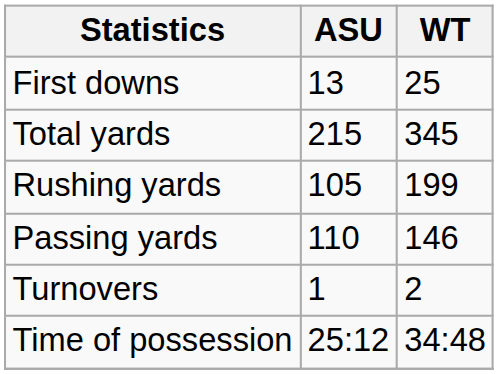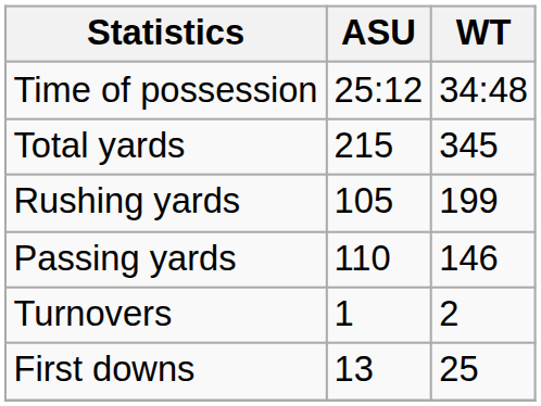 <table class="wikitable" style="float: left;">
 <tr>
 <th>Statistics</th>
 <th>ASU</th>
 <th>WT</th>
 </tr>
 <tr>
-<td>First downs</td>
-<td>13</td>
-<td>25</td>
+<td>Time of possession</td>
+<td>25:12</td>
+<td>34:48</td>
 </tr>
 <tr>
 <td>Total yards</td>
 <td>215</td>
 <td>345</td>
 </tr>
 <tr>
 <td>Rushing yards</td>
 <td>105</td>
 <td>199</td>
 </tr>
 <tr>
 <td>Passing yards</td>
 <td>110</td>
 <td>146</td>
 </tr>
 <tr>
 <td>Turnovers</td>
 <td>1</td>
 <td>2</td>
 </tr>
 <tr>
-<td>Time of possession</td>
-<td>25:12</td>
-<td>34:48</td>
+<td>First downs</td>
+<td>13</td>
+<td>25</td>
 </tr>
 <tr>
 </tr>
 </table>
